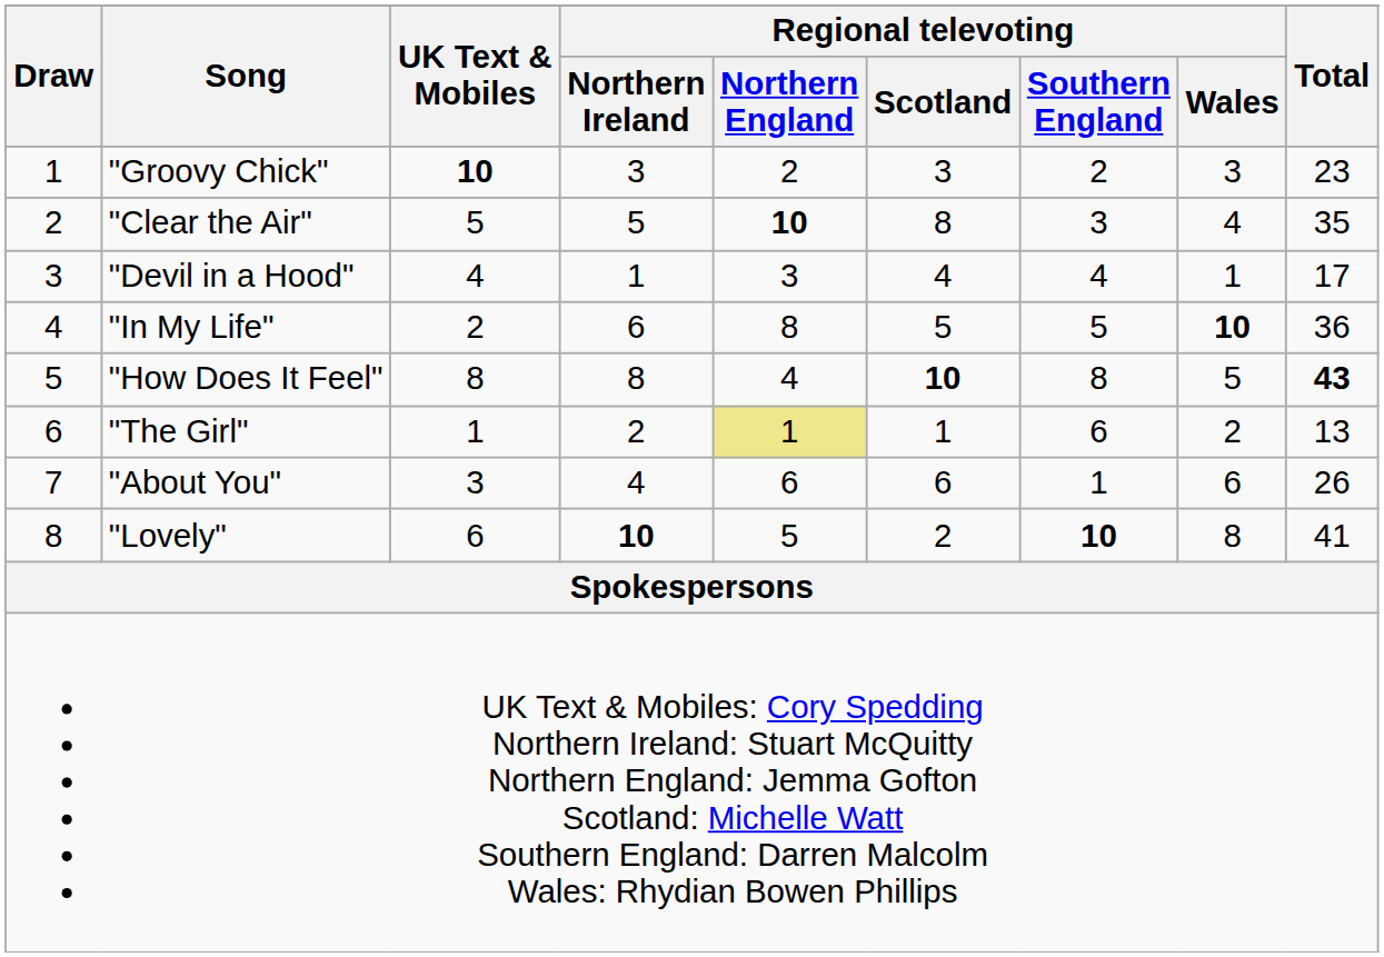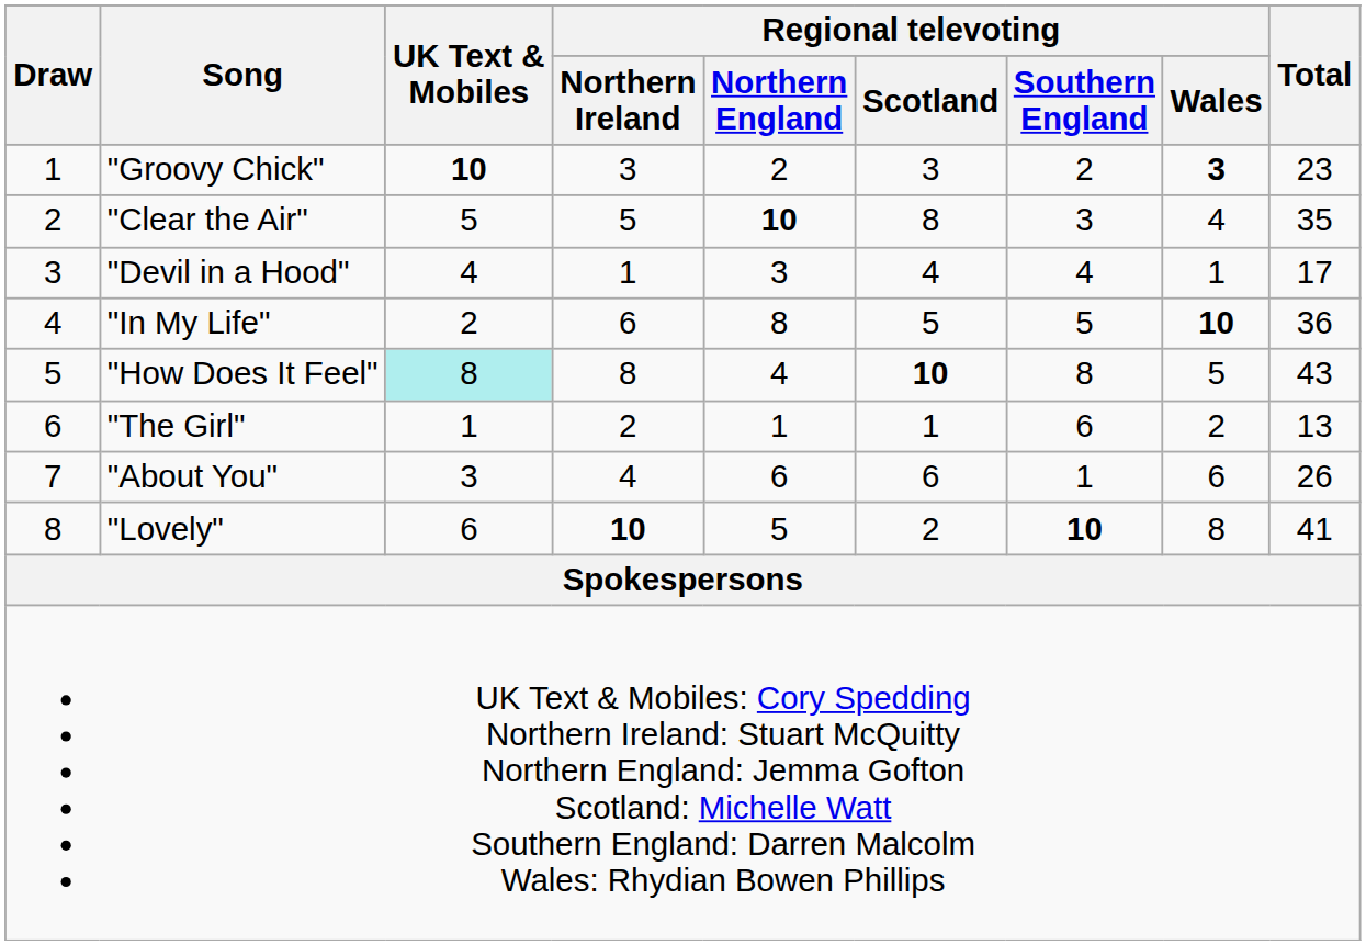 <table class="sortable wikitable" style="margin: 1em auto 1em auto; text-align:center;">
 <tr>
 </tr>
 <tr>
 <th rowspan="2">Draw</th>
 <th rowspan="2">Song</th>
 <th rowspan="2">UK Text &<br>Mobiles</th>
 <th colspan="5">Regional televoting</th>
 <th rowspan="2">Total</th>
 </tr>
 <tr>
 <th>Northern<br>Ireland</th>
 <th><a href='#'>Northern<br>England</a></th>
 <th>Scotland</th>
 <th><a href='#'>Southern<br>England</a></th>
 <th>Wales</th>
 </tr>
 <tr>
 <td>1</td>
 <td align="left">"Groovy Chick"</td>
 <td><strong>10</strong></td>
 <td>3</td>
 <td>2</td>
 <td>3</td>
 <td>2</td>
-<td>3</td>
+<td><strong>3</strong></td>
 <td>23</td>
 </tr>
 <tr>
 <td>2</td>
 <td align="left">"Clear the Air"</td>
 <td>5</td>
 <td>5</td>
 <td><strong>10</strong></td>
 <td>8</td>
 <td>3</td>
 <td>4</td>
 <td>35</td>
 </tr>
 <tr>
 <td>3</td>
 <td align="left">"Devil in a Hood"</td>
 <td>4</td>
 <td>1</td>
 <td>3</td>
 <td>4</td>
 <td>4</td>
 <td>1</td>
 <td>17</td>
 </tr>
 <tr>
 <td>4</td>
 <td align="left">"In My Life"</td>
 <td>2</td>
 <td>6</td>
 <td>8</td>
 <td>5</td>
 <td>5</td>
 <td><strong>10</strong></td>
 <td>36</td>
 </tr>
 <tr>
 <td>5</td>
 <td align="left">"How Does It Feel"</td>
-<td>8</td>
+<td style="background: paleturquoise;">8</td>
 <td>8</td>
 <td>4</td>
 <td><strong>10</strong></td>
 <td>8</td>
 <td>5</td>
-<td><strong>43</strong></td>
+<td>43</td>
 </tr>
 <tr>
 <td>6</td>
 <td align="left">"The Girl"</td>
 <td>1</td>
 <td>2</td>
-<td style="background: khaki;">1</td>
+<td>1</td>
 <td>1</td>
 <td>6</td>
 <td>2</td>
 <td>13</td>
 </tr>
 <tr>
 <td>7</td>
 <td align="left">"About You"</td>
 <td>3</td>
 <td>4</td>
 <td>6</td>
 <td>6</td>
 <td>1</td>
 <td>6</td>
 <td>26</td>
 </tr>
 <tr>
 <td>8</td>
 <td align="left">"Lovely"</td>
 <td>6</td>
 <td><strong>10</strong></td>
 <td>5</td>
 <td>2</td>
 <td><strong>10</strong></td>
 <td>8</td>
 <td>41</td>
 </tr>
 <tr>
 <th colspan="10">Spokespersons</th>
 </tr>
 <tr>
 <td colspan="10"><br><ul><li>UK Text & Mobiles: <a href='#'>Cory Spedding</a></li><li>Northern Ireland: Stuart McQuitty</li><li>Northern England: Jemma Gofton</li><li>Scotland: <a href='#'>Michelle Watt</a></li><li>Southern England: Darren Malcolm</li><li>Wales: Rhydian Bowen Phillips</li></ul></td>
 </tr>
 </table>
